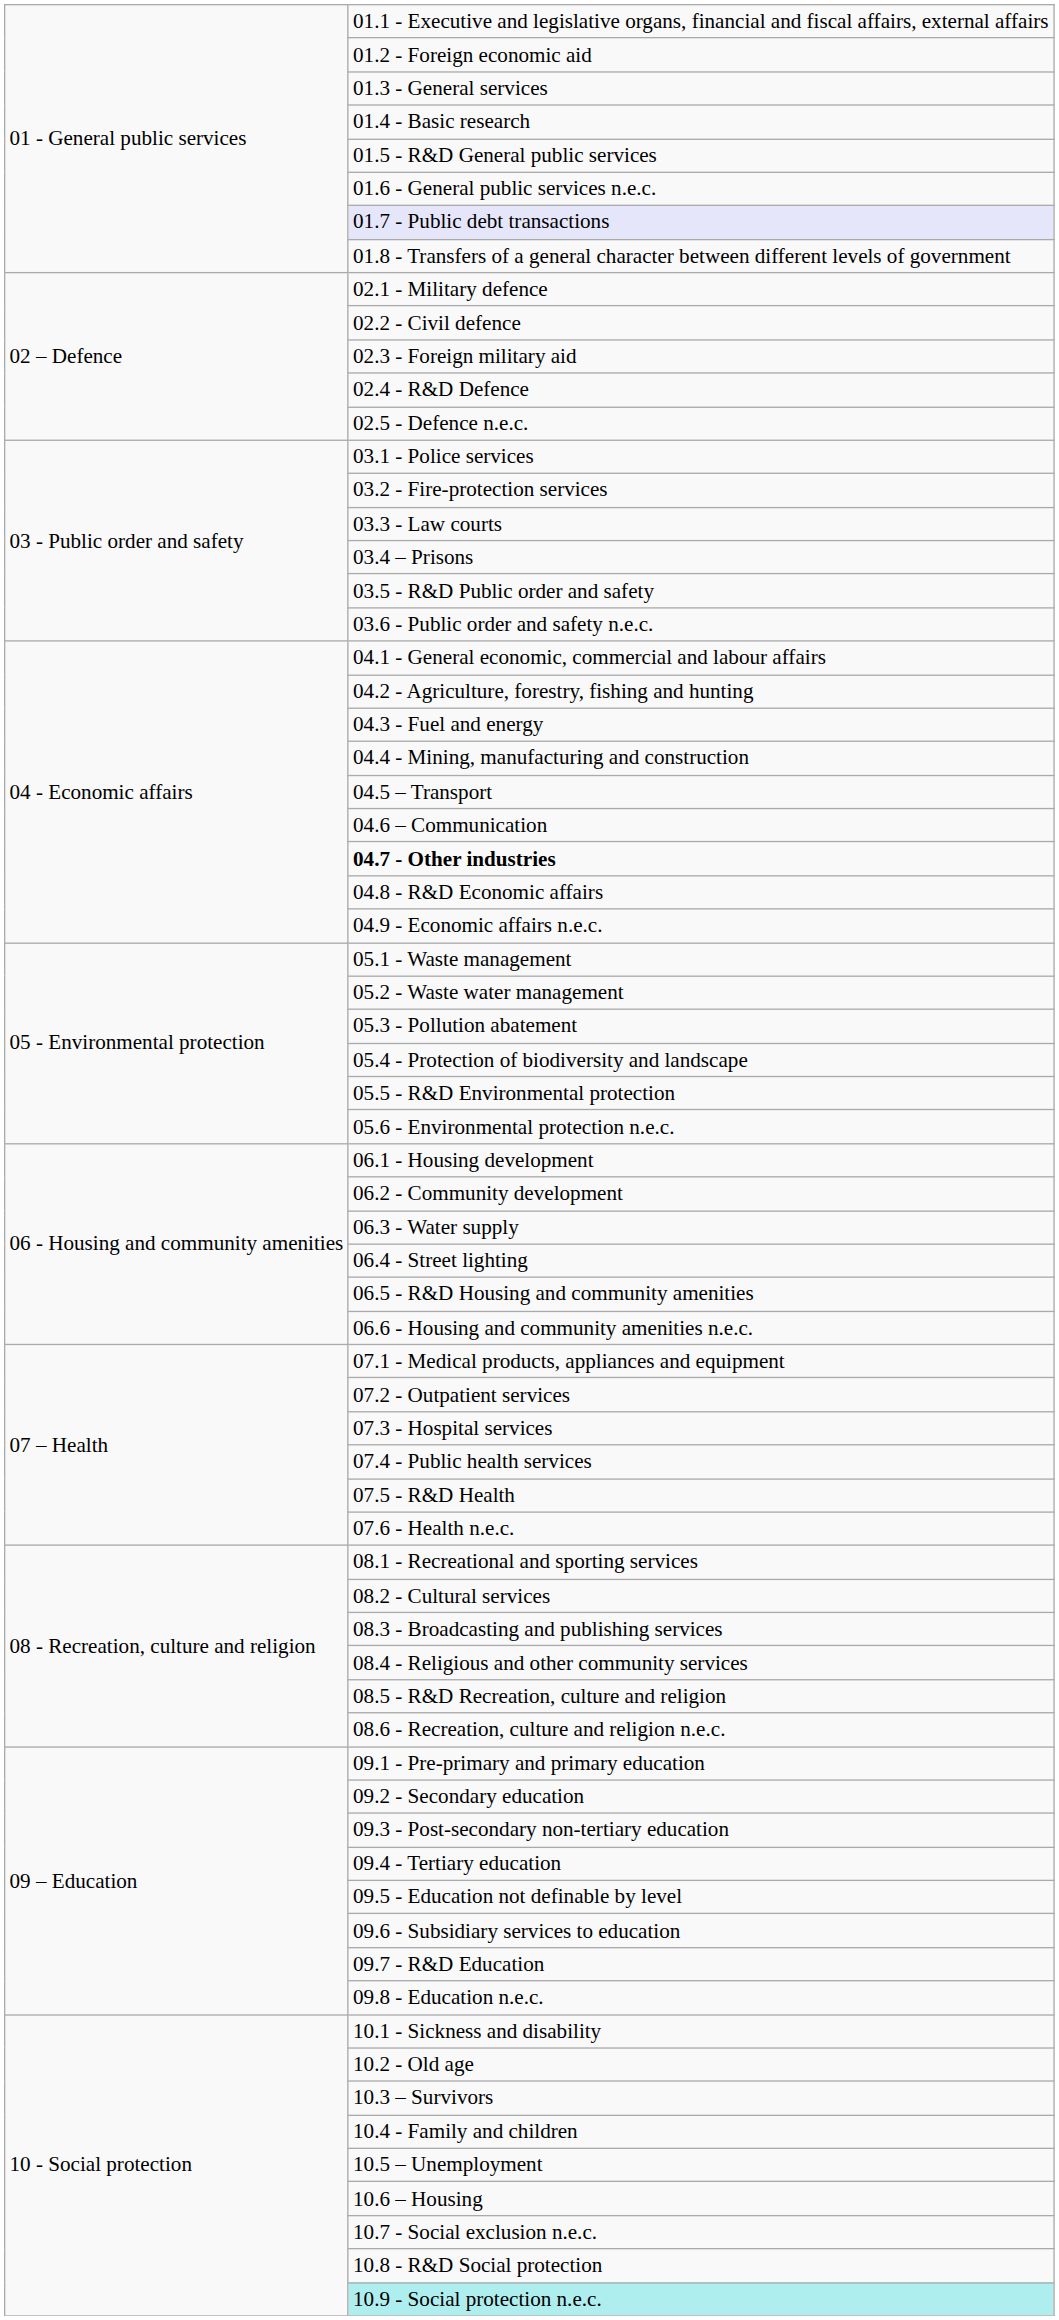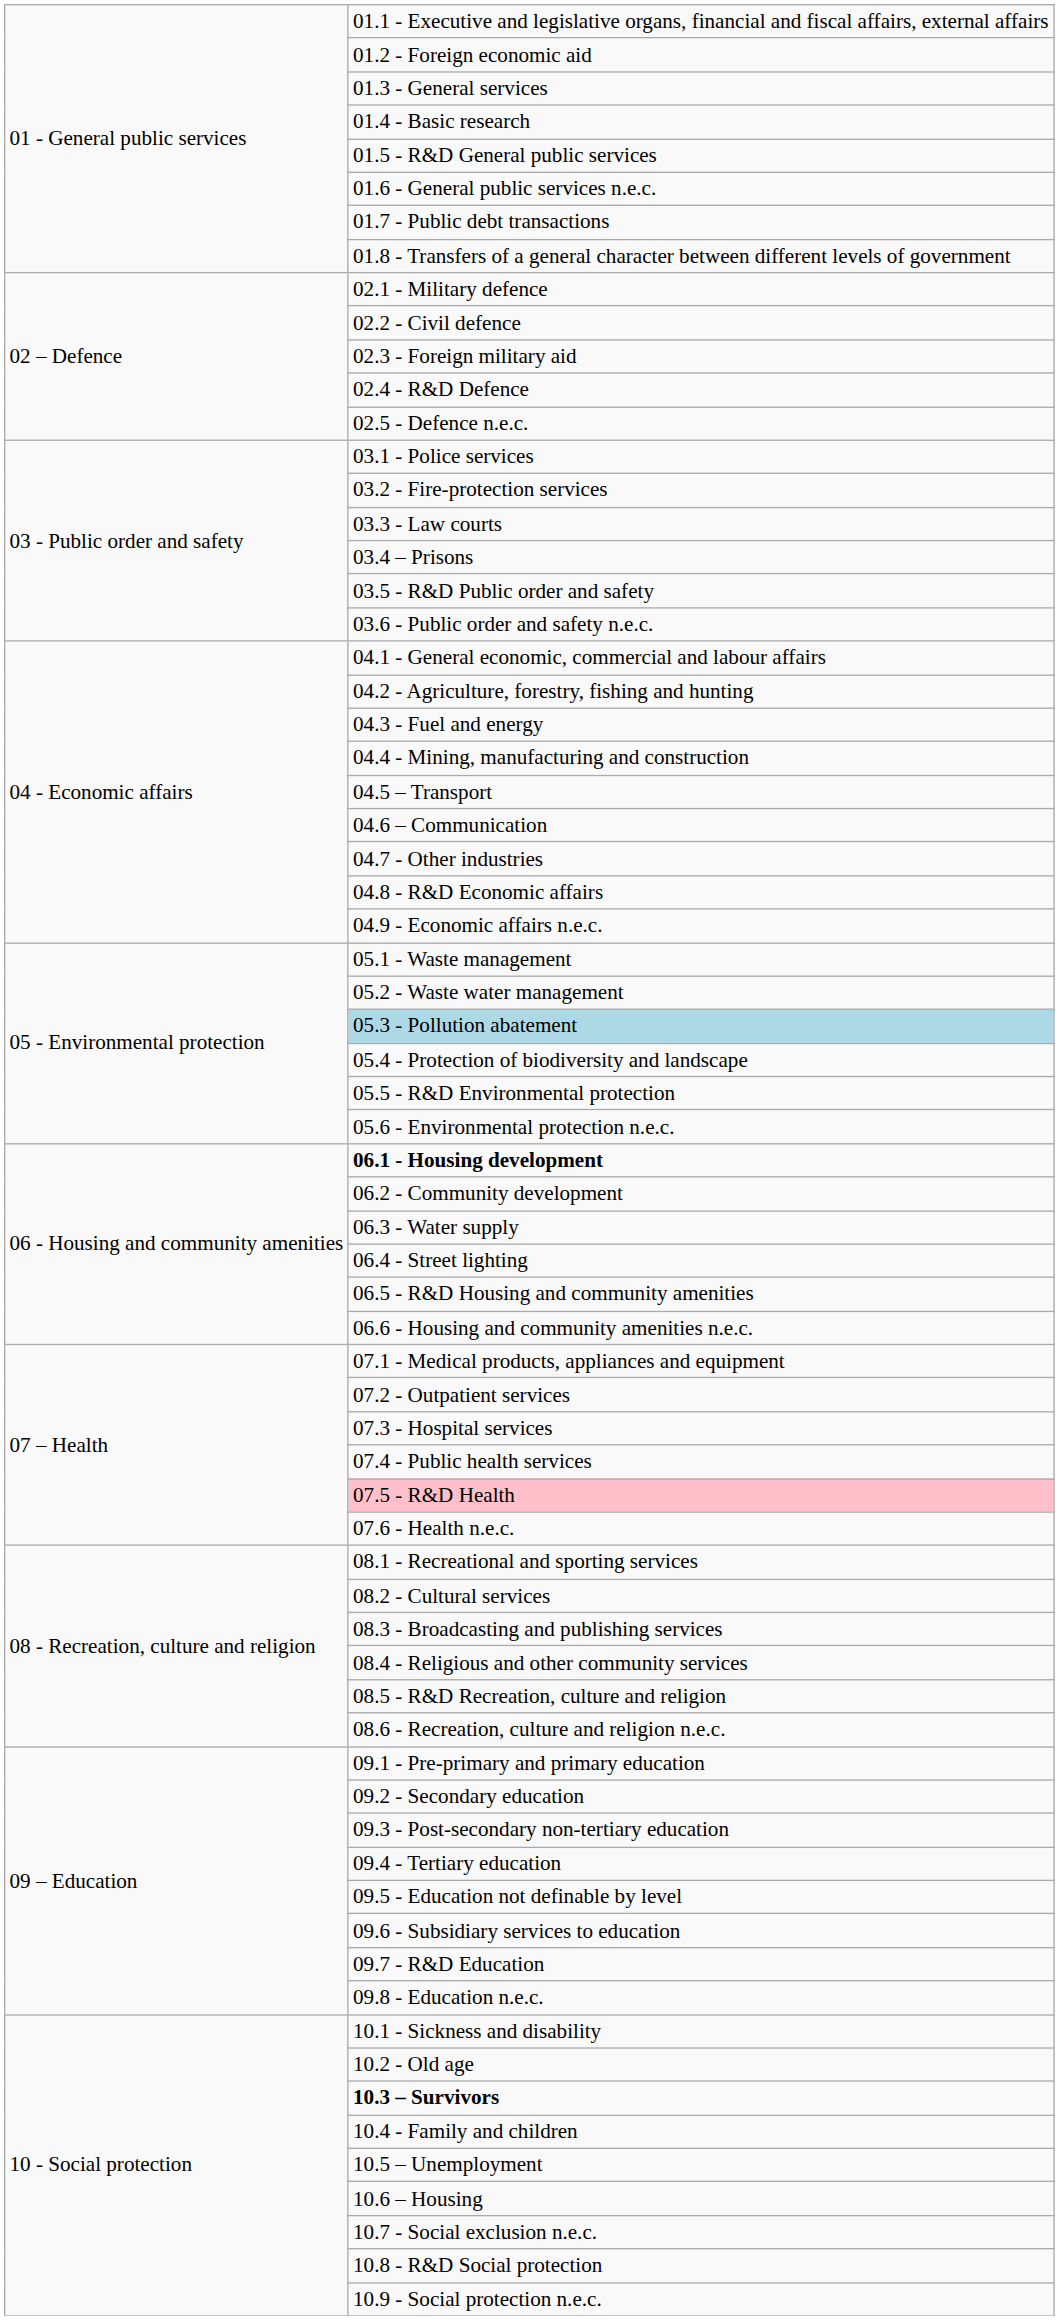 <table class="wikitable">
 <tr>
 <td rowspan="8">01 - General public services</td>
 <td>01.1 - Executive and legislative organs, financial and fiscal affairs, external affairs</td>
 </tr>
 <tr>
 <td>01.2 - Foreign economic aid</td>
 </tr>
 <tr>
 <td>01.3 - General services</td>
 </tr>
 <tr>
 <td>01.4 - Basic research</td>
 </tr>
 <tr>
 <td>01.5 - R&D General public services</td>
 </tr>
 <tr>
 <td>01.6 - General public services n.e.c.</td>
 </tr>
 <tr>
-<td style="background: lavender;">01.7 - Public debt transactions</td>
+<td>01.7 - Public debt transactions</td>
 </tr>
 <tr>
 <td>01.8 - Transfers of a general character between different levels of government</td>
 </tr>
 <tr>
 <td rowspan="5">02 – Defence</td>
 <td>02.1 - Military defence</td>
 </tr>
 <tr>
 <td>02.2 - Civil defence</td>
 </tr>
 <tr>
 <td>02.3 - Foreign military aid</td>
 </tr>
 <tr>
 <td>02.4 - R&D Defence</td>
 </tr>
 <tr>
 <td>02.5 - Defence n.e.c.</td>
 </tr>
 <tr>
 <td rowspan="6">03 - Public order and safety</td>
 <td>03.1 - Police services</td>
 </tr>
 <tr>
 <td>03.2 - Fire-protection services</td>
 </tr>
 <tr>
 <td>03.3 - Law courts</td>
 </tr>
 <tr>
 <td>03.4 – Prisons</td>
 </tr>
 <tr>
 <td>03.5 - R&D Public order and safety</td>
 </tr>
 <tr>
 <td>03.6 - Public order and safety n.e.c.</td>
 </tr>
 <tr>
 <td rowspan="9">04 - Economic affairs</td>
 <td>04.1 - General economic, commercial and labour affairs</td>
 </tr>
 <tr>
 <td>04.2 - Agriculture, forestry, fishing and hunting</td>
 </tr>
 <tr>
 <td>04.3 - Fuel and energy</td>
 </tr>
 <tr>
 <td>04.4 - Mining, manufacturing and construction</td>
 </tr>
 <tr>
 <td>04.5 – Transport</td>
 </tr>
 <tr>
 <td>04.6 – Communication</td>
 </tr>
 <tr>
-<td><strong>04.7 - Other industries</strong></td>
+<td>04.7 - Other industries</td>
 </tr>
 <tr>
 <td>04.8 - R&D Economic affairs</td>
 </tr>
 <tr>
 <td>04.9 - Economic affairs n.e.c.</td>
 </tr>
 <tr>
 <td rowspan="6">05 - Environmental protection</td>
 <td>05.1 - Waste management</td>
 </tr>
 <tr>
 <td>05.2 - Waste water management</td>
 </tr>
 <tr>
-<td>05.3 - Pollution abatement</td>
+<td style="background: lightblue;">05.3 - Pollution abatement</td>
 </tr>
 <tr>
 <td>05.4 - Protection of biodiversity and landscape</td>
 </tr>
 <tr>
 <td>05.5 - R&D Environmental protection</td>
 </tr>
 <tr>
 <td>05.6 - Environmental protection n.e.c.</td>
 </tr>
 <tr>
 <td rowspan="6">06 - Housing and community amenities</td>
-<td>06.1 - Housing development</td>
+<td><strong>06.1 - Housing development</strong></td>
 </tr>
 <tr>
 <td>06.2 - Community development</td>
 </tr>
 <tr>
 <td>06.3 - Water supply</td>
 </tr>
 <tr>
 <td>06.4 - Street lighting</td>
 </tr>
 <tr>
 <td>06.5 - R&D Housing and community amenities</td>
 </tr>
 <tr>
 <td>06.6 - Housing and community amenities n.e.c.</td>
 </tr>
 <tr>
 <td rowspan="6">07 – Health</td>
 <td>07.1 - Medical products, appliances and equipment</td>
 </tr>
 <tr>
 <td>07.2 - Outpatient services</td>
 </tr>
 <tr>
 <td>07.3 - Hospital services</td>
 </tr>
 <tr>
 <td>07.4 - Public health services</td>
 </tr>
 <tr>
-<td>07.5 - R&D Health</td>
+<td style="background: pink;">07.5 - R&D Health</td>
 </tr>
 <tr>
 <td>07.6 - Health n.e.c.</td>
 </tr>
 <tr>
 <td rowspan="6">08 - Recreation, culture and religion</td>
 <td>08.1 - Recreational and sporting services</td>
 </tr>
 <tr>
 <td>08.2 - Cultural services</td>
 </tr>
 <tr>
 <td>08.3 - Broadcasting and publishing services</td>
 </tr>
 <tr>
 <td>08.4 - Religious and other community services</td>
 </tr>
 <tr>
 <td>08.5 - R&D Recreation, culture and religion</td>
 </tr>
 <tr>
 <td>08.6 - Recreation, culture and religion n.e.c.</td>
 </tr>
 <tr>
 <td rowspan="8">09 – Education</td>
 <td>09.1 - Pre-primary and primary education</td>
 </tr>
 <tr>
 <td>09.2 - Secondary education</td>
 </tr>
 <tr>
 <td>09.3 - Post-secondary non-tertiary education</td>
 </tr>
 <tr>
 <td>09.4 - Tertiary education</td>
 </tr>
 <tr>
 <td>09.5 - Education not definable by level</td>
 </tr>
 <tr>
 <td>09.6 - Subsidiary services to education</td>
 </tr>
 <tr>
 <td>09.7 - R&D Education</td>
 </tr>
 <tr>
 <td>09.8 - Education n.e.c.</td>
 </tr>
 <tr>
 <td rowspan="9">10 - Social protection</td>
 <td>10.1 - Sickness and disability</td>
 </tr>
 <tr>
 <td>10.2 - Old age</td>
 </tr>
 <tr>
-<td>10.3 – Survivors</td>
+<td><strong>10.3 – Survivors</strong></td>
 </tr>
 <tr>
 <td>10.4 - Family and children</td>
 </tr>
 <tr>
 <td>10.5 – Unemployment</td>
 </tr>
 <tr>
 <td>10.6 – Housing</td>
 </tr>
 <tr>
 <td>10.7 - Social exclusion n.e.c.</td>
 </tr>
 <tr>
 <td>10.8 - R&D Social protection</td>
 </tr>
 <tr>
-<td style="background: paleturquoise;">10.9 - Social protection n.e.c.</td>
+<td>10.9 - Social protection n.e.c.</td>
 </tr>
 </table>
